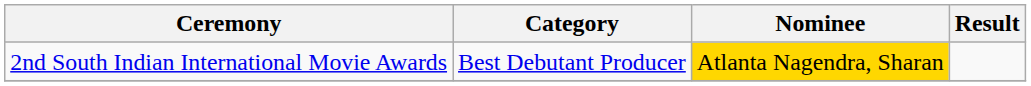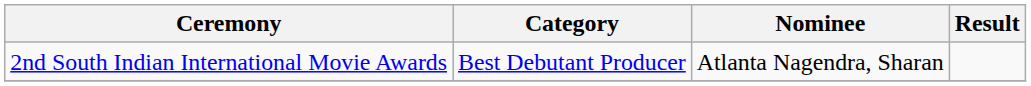 <table class="wikitable">
 <tr>
 <th>Ceremony</th>
 <th>Category</th>
 <th>Nominee</th>
 <th>Result</th>
 </tr>
 <tr>
 <td><a href='#'>2nd South Indian International Movie Awards</a></td>
 <td><a href='#'>Best Debutant Producer</a></td>
-<td style="background: gold;">Atlanta Nagendra, Sharan</td>
+<td>Atlanta Nagendra, Sharan</td>
 <td></td>
 </tr>
 <tr>
 </tr>
 </table>
